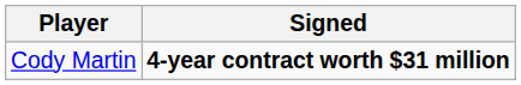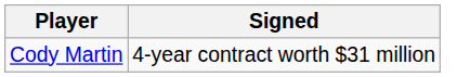 <table class="wikitable sortable sortable" style="text-align: center">
 <tr>
 <th>Player</th>
 <th>Signed</th>
 </tr>
 <tr style="text-align: center">
 <td><a href='#'>Cody Martin</a></td>
-<td><strong>4-year contract worth $31 million</strong></td>
+<td>4-year contract worth $31 million</td>
 </tr>
 </table>
